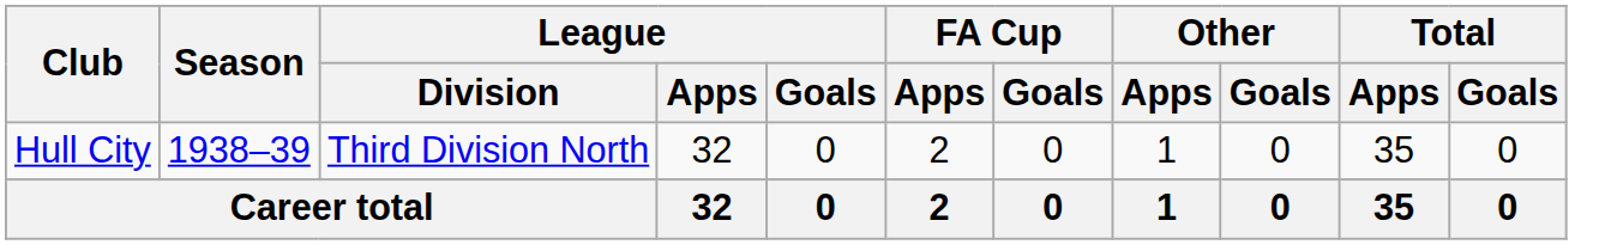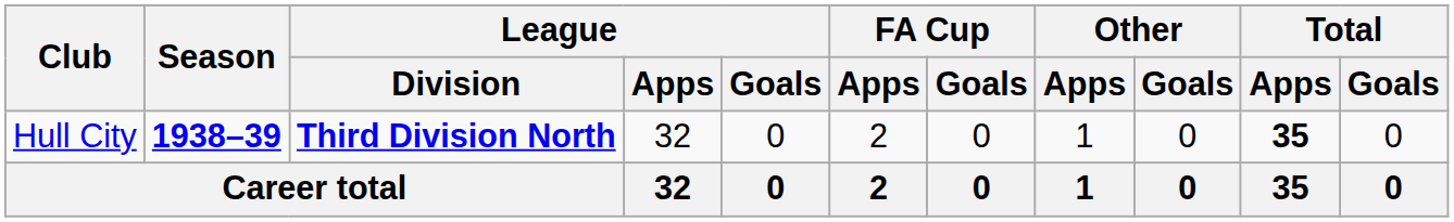 <table class="wikitable" style="text-align:center">
 <tr>
 <th rowspan="2">Club</th>
 <th rowspan="2">Season</th>
 <th colspan="3">League</th>
 <th colspan="2">FA Cup</th>
 <th colspan="2">Other</th>
 <th colspan="2">Total</th>
 </tr>
 <tr>
 <th>Division</th>
 <th>Apps</th>
 <th>Goals</th>
 <th>Apps</th>
 <th>Goals</th>
 <th>Apps</th>
 <th>Goals</th>
 <th>Apps</th>
 <th>Goals</th>
 </tr>
 <tr>
 <td><a href='#'>Hull City</a></td>
-<td><a href='#'>1938–39</a></td>
-<td><a href='#'>Third Division North</a></td>
+<td><strong><a href='#'>1938–39</a></strong></td>
+<td><strong><a href='#'>Third Division North</a></strong></td>
 <td>32</td>
 <td>0</td>
 <td>2</td>
 <td>0</td>
 <td>1</td>
 <td>0</td>
-<td>35</td>
+<td><strong>35</strong></td>
 <td>0</td>
 </tr>
 <tr>
 <th colspan="3">Career total</th>
 <th>32</th>
 <th>0</th>
 <th>2</th>
 <th>0</th>
 <th>1</th>
 <th>0</th>
 <th>35</th>
 <th>0</th>
 </tr>
 </table>
